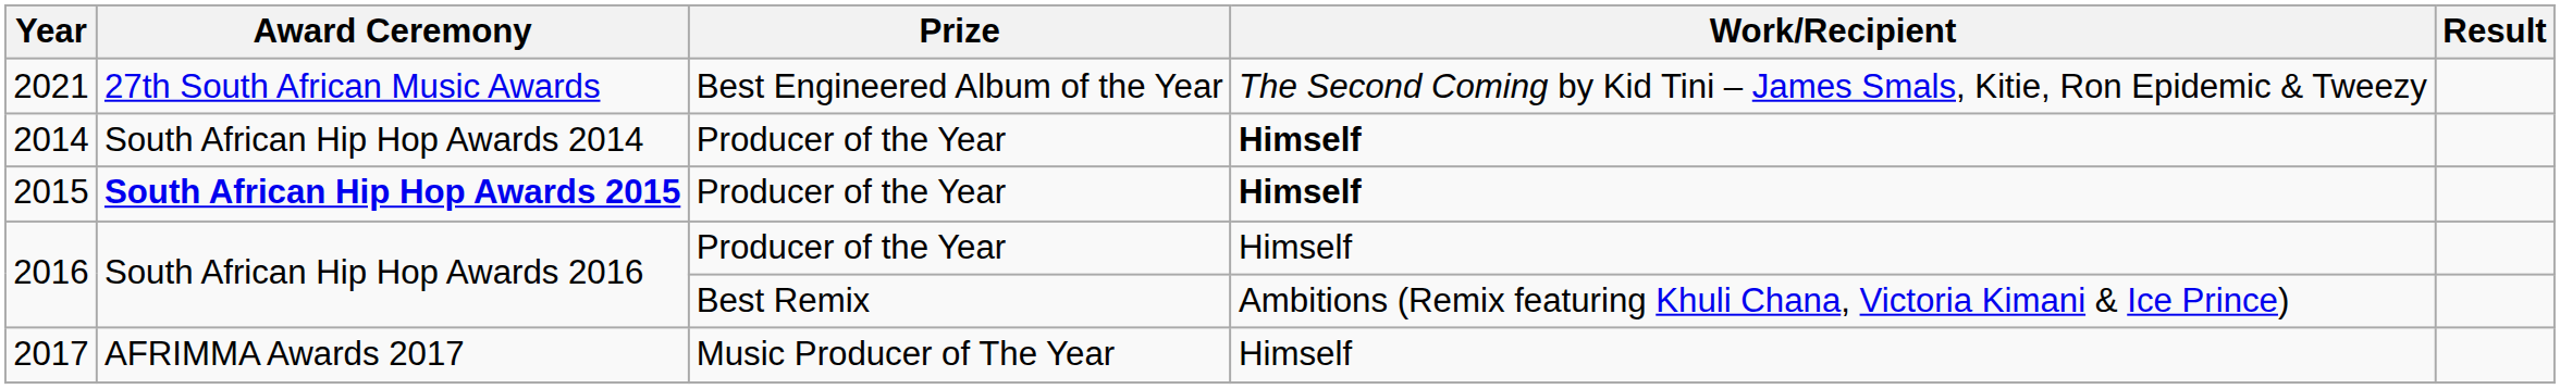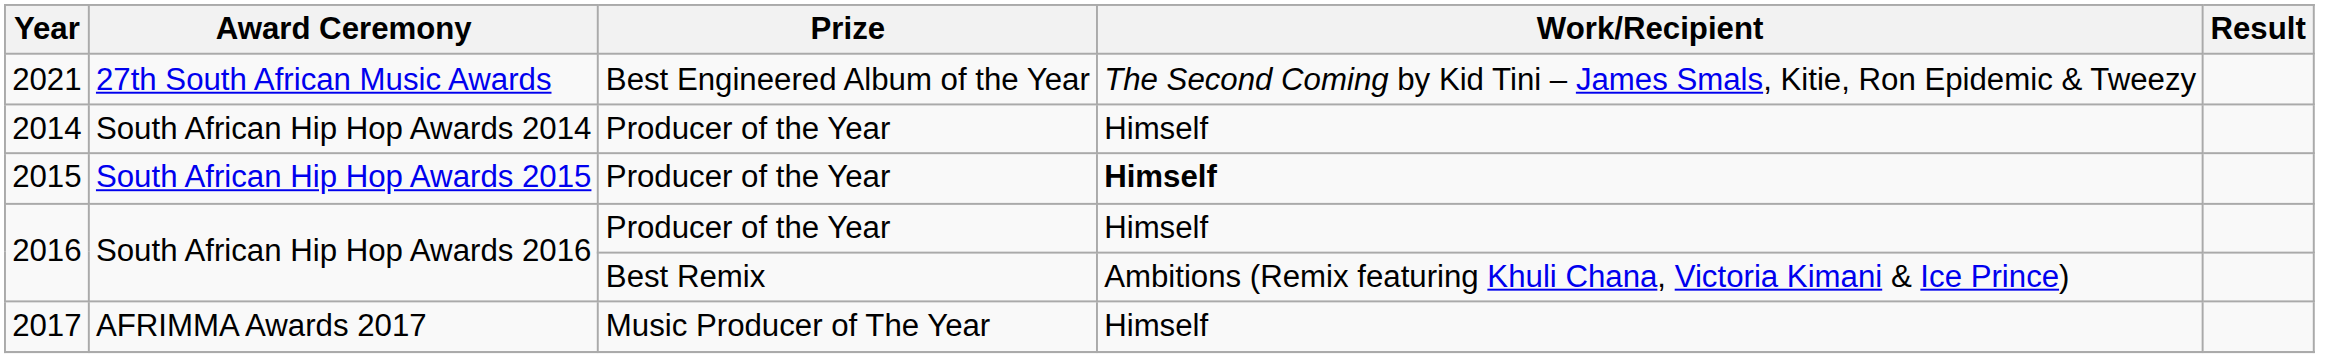 <table class="wikitable">
 <tr>
 <th>Year</th>
 <th>Award Ceremony</th>
 <th>Prize</th>
 <th>Work/Recipient</th>
 <th>Result</th>
 </tr>
 <tr>
 <td><div>2021</div></td>
 <td><a href='#'>27th South African Music Awards</a></td>
 <td>Best Engineered Album of the Year</td>
 <td><em>The Second Coming</em> by Kid Tini – <a href='#'>James Smals</a>, Kitie, Ron Epidemic & Tweezy</td>
 <td></td>
 </tr>
 <tr>
 <td><div>2014</div></td>
 <td>South African Hip Hop Awards 2014</td>
 <td>Producer of the Year</td>
-<td><strong>Himself</strong></td>
+<td>Himself</td>
 <td></td>
 </tr>
 <tr>
 <td><div>2015</div></td>
-<td><strong><a href='#'>South African Hip Hop Awards 2015</a></strong></td>
+<td><a href='#'>South African Hip Hop Awards 2015</a></td>
 <td>Producer of the Year</td>
 <td><strong>Himself</strong></td>
 <td></td>
 </tr>
 <tr>
 <td rowspan="2"><div>2016</div></td>
 <td rowspan="2">South African Hip Hop Awards 2016</td>
 <td>Producer of the Year</td>
 <td>Himself</td>
 <td></td>
 </tr>
 <tr>
 <td>Best Remix</td>
 <td>Ambitions (Remix featuring <a href='#'>Khuli Chana</a>, <a href='#'>Victoria Kimani</a> & <a href='#'>Ice Prince</a>)</td>
 <td></td>
 </tr>
 <tr>
 <td><div>2017</div></td>
 <td>AFRIMMA Awards 2017</td>
 <td>Music Producer of The Year</td>
 <td>Himself</td>
 <td></td>
 </tr>
 <tr>
 </tr>
 </table>
